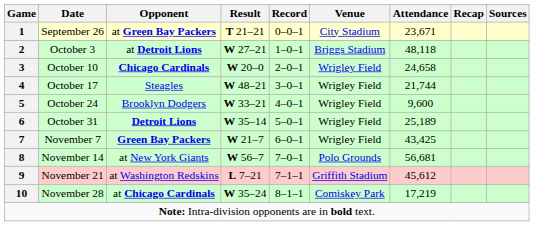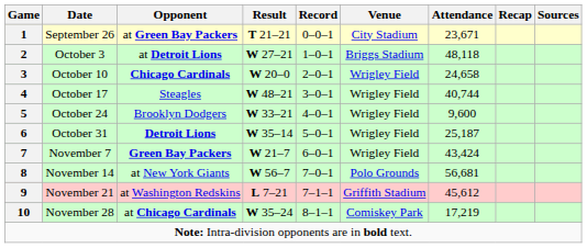 <table class="wikitable" style="text-align:center">
 <tr>
 <th>Game</th>
 <th>Date</th>
 <th>Opponent</th>
 <th>Result</th>
 <th>Record</th>
 <th>Venue</th>
 <th>Attendance</th>
 <th>Recap</th>
 <th>Sources</th>
 </tr>
 <tr style="background:#ffc">
 <th>1</th>
 <td>September 26</td>
 <td>at <strong><a href='#'>Green Bay Packers</a></strong></td>
 <td><strong>T</strong> 21–21</td>
 <td>0–0–1</td>
 <td><a href='#'>City Stadium</a></td>
 <td>23,671</td>
 <td></td>
 <td></td>
 </tr>
 <tr style="background: #cfc;">
 <th>2</th>
 <td>October 3</td>
 <td>at <strong><a href='#'>Detroit Lions</a></strong></td>
 <td><strong>W</strong> 27–21</td>
 <td>1–0–1</td>
 <td><a href='#'>Briggs Stadium</a></td>
 <td>48,118</td>
 <td></td>
 <td></td>
 </tr>
 <tr style="background: #cfc;">
 <th>3</th>
 <td>October 10</td>
 <td><strong><a href='#'>Chicago Cardinals</a></strong></td>
 <td><strong>W</strong> 20–0</td>
 <td>2–0–1</td>
 <td><a href='#'>Wrigley Field</a></td>
 <td>24,658</td>
 <td></td>
 <td></td>
 </tr>
 <tr style="background: #cfc;">
 <th>4</th>
 <td>October 17</td>
 <td><a href='#'>Steagles</a></td>
 <td><strong>W</strong> 48–21</td>
 <td>3–0–1</td>
 <td>Wrigley Field</td>
-<td>21,744</td>
+<td>40,744</td>
 <td></td>
 <td></td>
 </tr>
 <tr style="background: #cfc;">
 <th>5</th>
 <td>October 24</td>
 <td><a href='#'>Brooklyn Dodgers</a></td>
 <td><strong>W</strong>  33–21</td>
 <td>4–0–1</td>
 <td>Wrigley Field</td>
 <td>9,600</td>
 <td></td>
 <td></td>
 </tr>
 <tr style="background: #cfc;">
 <th>6</th>
 <td>October 31</td>
 <td><strong><a href='#'>Detroit Lions</a></strong></td>
 <td><strong>W</strong> 35–14</td>
 <td>5–0–1</td>
 <td>Wrigley Field</td>
-<td>25,189</td>
+<td>25,187</td>
 <td></td>
 <td></td>
 </tr>
 <tr style="background: #cfc;">
 <th>7</th>
 <td>November 7</td>
 <td><strong><a href='#'>Green Bay Packers</a></strong></td>
 <td><strong>W</strong> 21–7</td>
 <td>6–0–1</td>
 <td>Wrigley Field</td>
-<td>43,425</td>
+<td>43,424</td>
 <td></td>
 <td></td>
 </tr>
 <tr style="background: #cfc;">
 <th>8</th>
 <td>November 14</td>
 <td>at <a href='#'>New York Giants</a></td>
 <td><strong>W</strong> 56–7</td>
 <td>7–0–1</td>
 <td><a href='#'>Polo Grounds</a></td>
 <td>56,681</td>
 <td></td>
 <td></td>
 </tr>
 <tr style="background: #fcc;">
 <th>9</th>
 <td>November 21</td>
 <td>at <a href='#'>Washington Redskins</a></td>
 <td><strong>L</strong> 7–21</td>
 <td>7–1–1</td>
 <td><a href='#'>Griffith Stadium</a></td>
 <td>45,612</td>
 <td></td>
 <td></td>
 </tr>
 <tr style="background: #cfc;">
 <th>10</th>
 <td>November 28</td>
 <td>at <strong><a href='#'>Chicago Cardinals</a></strong></td>
 <td><strong>W</strong> 35–24</td>
 <td>8–1–1</td>
 <td><a href='#'>Comiskey Park</a></td>
 <td>17,219</td>
 <td></td>
 <td></td>
 </tr>
 <tr>
 <td colspan="10"><strong>Note:</strong> Intra-division opponents are in <strong>bold</strong> text.</td>
 </tr>
 </table>
